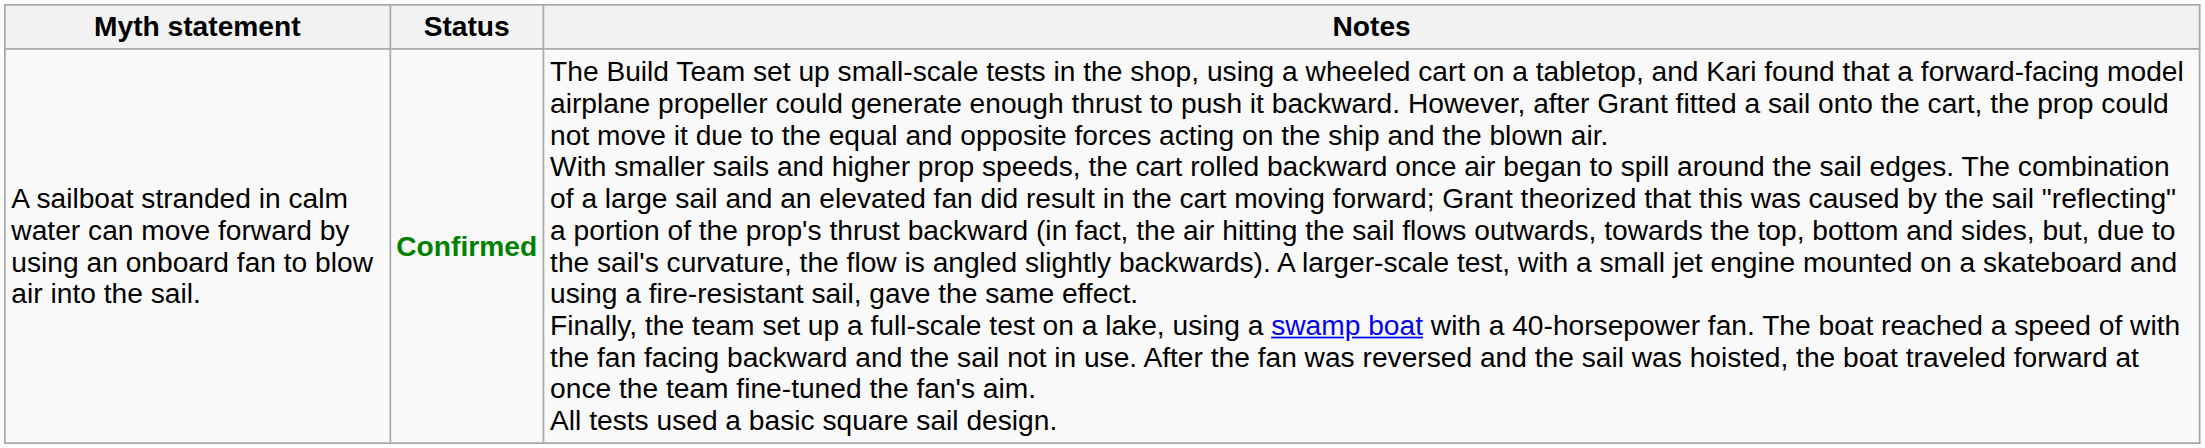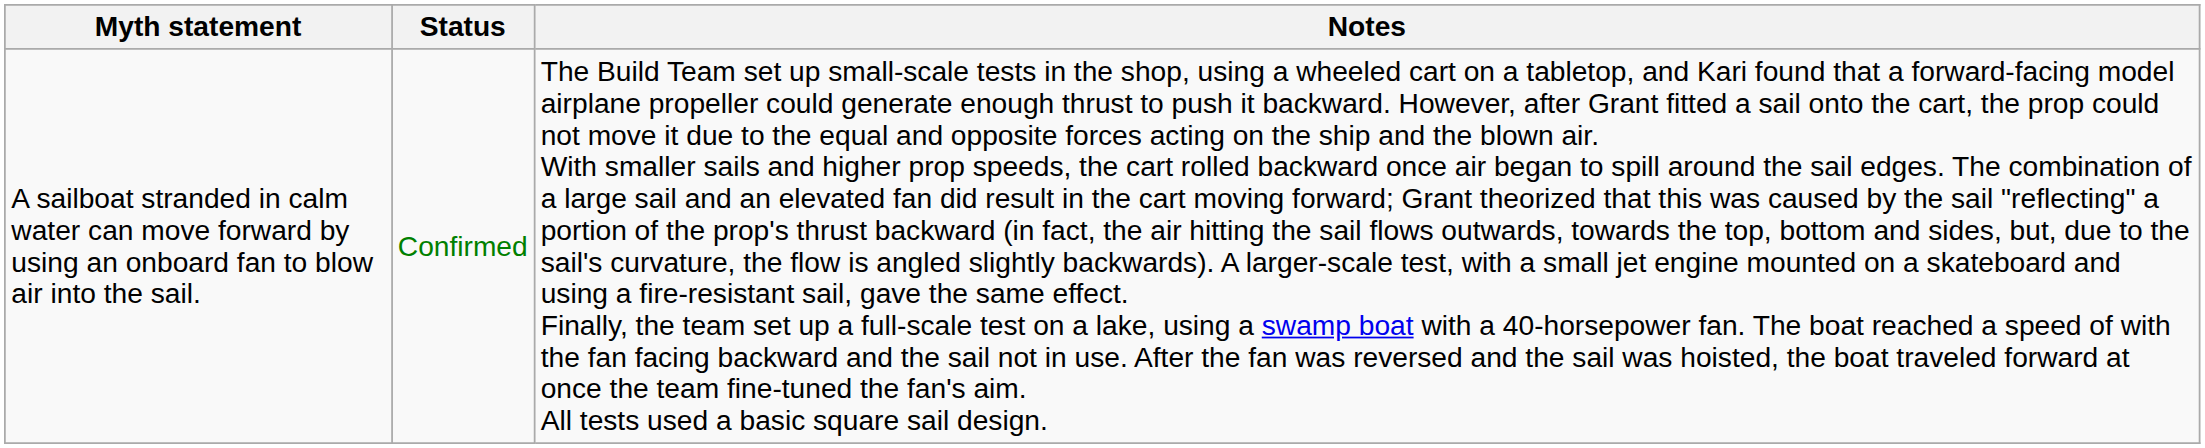 <table class="wikitable plainrowheaders">
 <tr>
 <th>Myth statement</th>
 <th>Status</th>
 <th>Notes</th>
 </tr>
 <tr>
 <td>A sailboat stranded in calm water can move forward by using an onboard fan to blow air into the sail.</td>
-<td style="color:green"><strong>Confirmed</strong></td>
+<td style="color:green">Confirmed</td>
 <td>The Build Team set up small-scale tests in the shop, using a wheeled cart on a tabletop, and Kari found that a forward-facing model airplane propeller could generate enough thrust to push it backward. However, after Grant fitted a sail onto the cart, the prop could not move it due to the equal and opposite forces acting on the ship and the blown air.<br>With smaller sails and higher prop speeds, the cart rolled backward once air began to spill around the sail edges. The combination of a large sail and an elevated fan did result in the cart moving forward; Grant theorized that this was caused by the sail "reflecting" a portion of the prop's thrust backward (in fact, the air hitting the sail flows outwards, towards the top, bottom and sides, but, due to the sail's curvature, the flow is angled slightly backwards). A larger-scale test, with a small jet engine mounted on a skateboard and using a fire-resistant sail, gave the same effect.<br>Finally, the team set up a full-scale test on a lake, using a <a href='#'>swamp boat</a> with a 40-horsepower fan. The boat reached a speed of  with the fan facing backward and the sail not in use. After the fan was reversed and the sail was hoisted, the boat traveled forward at  once the team fine-tuned the fan's aim.<br>All tests used a basic square sail design.</td>
 </tr>
 </table>
